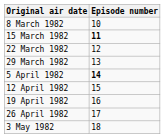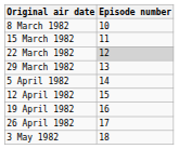 <table class="wikitable">
 <tr>
 <th>Original air date</th>
 <th>Episode number</th>
 </tr>
 <tr>
 <td>8 March 1982</td>
 <td>10</td>
 </tr>
 <tr>
 <td>15 March 1982</td>
-<td><strong>11</strong></td>
+<td>11</td>
 </tr>
 <tr>
 <td>22 March 1982</td>
-<td>12</td>
+<td style="background: lightgrey;">12</td>
 </tr>
 <tr>
 <td>29 March 1982</td>
 <td>13</td>
 </tr>
 <tr>
 <td>5 April 1982</td>
-<td><strong>14</strong></td>
+<td>14</td>
 </tr>
 <tr>
 <td>12 April 1982</td>
 <td>15</td>
 </tr>
 <tr>
 <td>19 April 1982</td>
 <td>16</td>
 </tr>
 <tr>
 <td>26 April 1982</td>
 <td>17</td>
 </tr>
 <tr>
 <td>3 May 1982</td>
 <td>18</td>
 </tr>
 </table>
